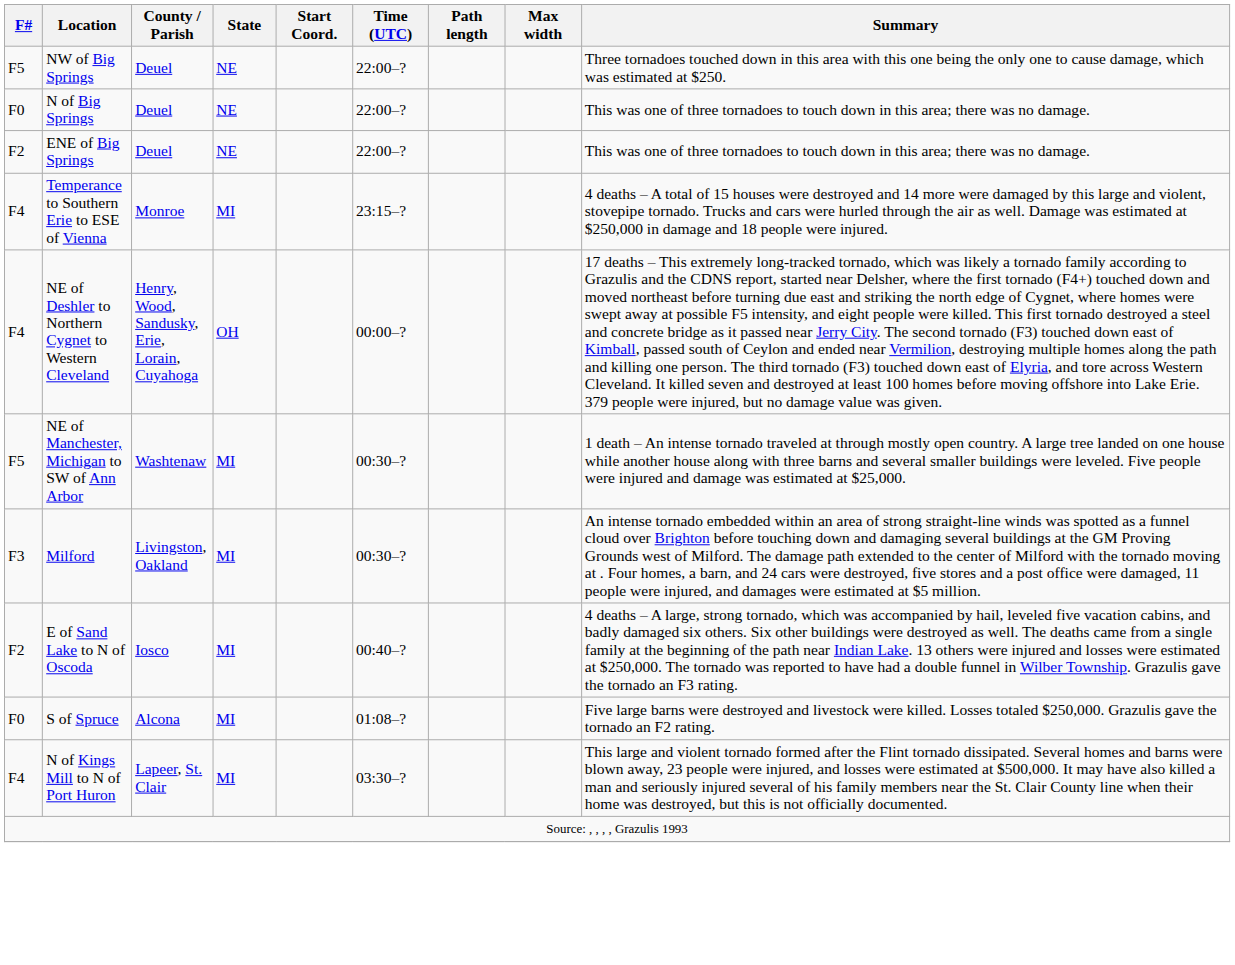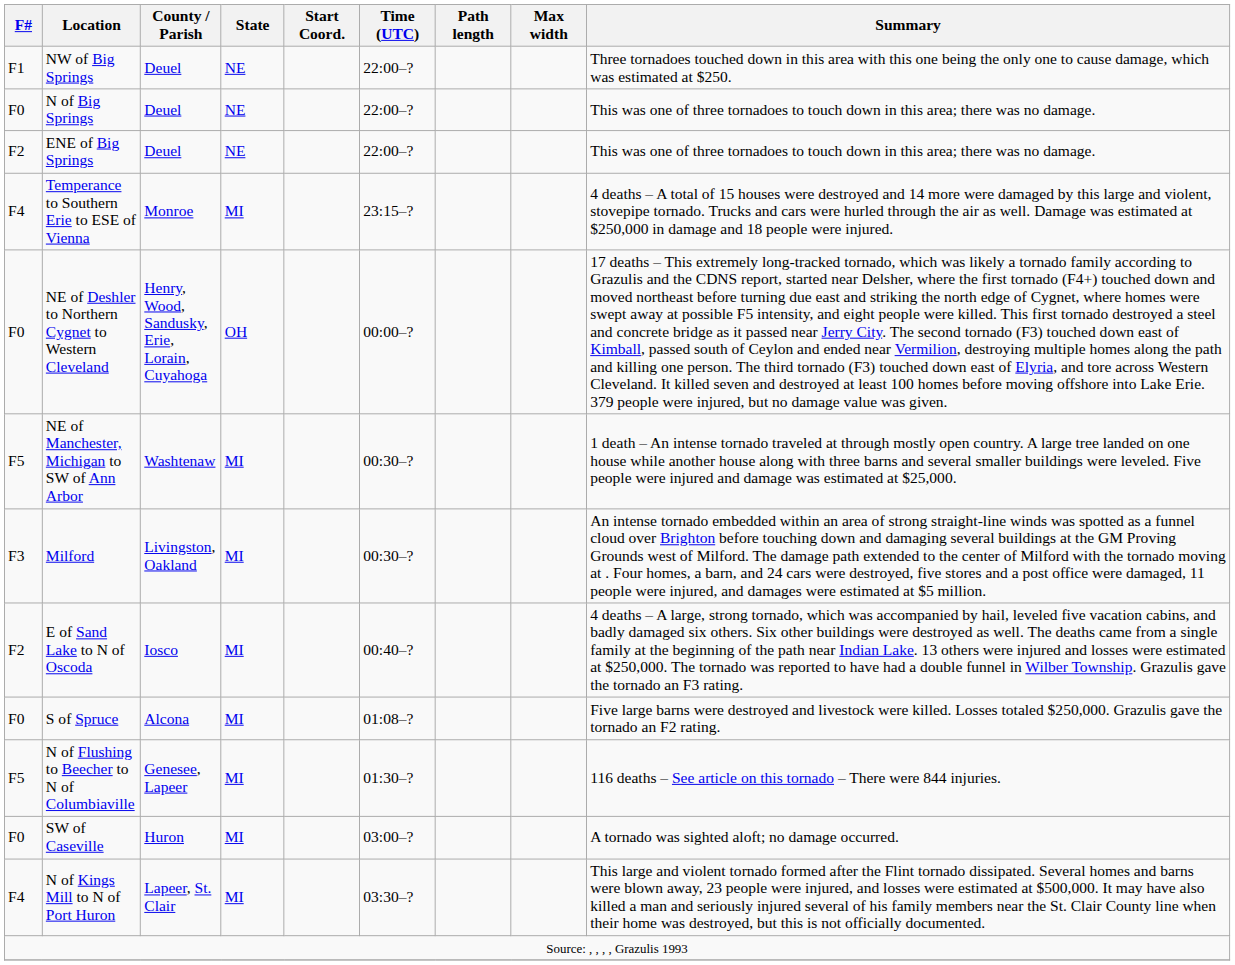 <table class="wikitable sortable" style="width:100%;">
 <tr>
 <th scope="col"  style="width:3%; text-align:center;"><a href='#'>F#</a></th>
 <th scope="col"  style="width:7%; text-align:center;" class="unsortable">Location</th>
 <th scope="col"  style="width:6%; text-align:center;" class="unsortable">County / Parish</th>
 <th scope="col"  style="width:5%; text-align:center;">State</th>
 <th scope="col"  style="width:6%; text-align:center;">Start Coord.</th>
 <th scope="col"  style="width:6%; text-align:center;">Time (<a href='#'>UTC</a>)</th>
 <th scope="col"  style="width:6%; text-align:center;">Path length</th>
 <th scope="col"  style="width:6%; text-align:center;">Max width</th>
 <th scope="col" class="unsortable" style="width:51%; text-align:center;">Summary</th>
 </tr>
 <tr>
-<td>F5</td>
+<td>F1</td>
 <td>NW of <a href='#'>Big Springs</a></td>
 <td><a href='#'>Deuel</a></td>
 <td><a href='#'>NE</a></td>
 <td></td>
 <td>22:00–?</td>
 <td></td>
 <td></td>
 <td>Three tornadoes touched down in this area with this one being the only one to cause damage, which was estimated at $250.</td>
 </tr>
 <tr>
 <td>F0</td>
 <td>N of <a href='#'>Big Springs</a></td>
 <td><a href='#'>Deuel</a></td>
 <td><a href='#'>NE</a></td>
 <td></td>
 <td>22:00–?</td>
 <td></td>
 <td></td>
 <td>This was one of three tornadoes to touch down in this area; there was no damage.</td>
 </tr>
 <tr>
 <td>F2</td>
 <td>ENE of <a href='#'>Big Springs</a></td>
 <td><a href='#'>Deuel</a></td>
 <td><a href='#'>NE</a></td>
 <td></td>
 <td>22:00–?</td>
 <td></td>
 <td></td>
 <td>This was one of three tornadoes to touch down in this area; there was no damage.</td>
 </tr>
 <tr>
 <td>F4</td>
 <td><a href='#'>Temperance</a> to Southern <a href='#'>Erie</a> to ESE of <a href='#'>Vienna</a></td>
 <td><a href='#'>Monroe</a></td>
 <td><a href='#'>MI</a></td>
 <td></td>
 <td>23:15–?</td>
 <td></td>
 <td></td>
 <td>4 deaths – A total of 15 houses were destroyed and 14 more were damaged by this large and violent, stovepipe tornado. Trucks and cars were hurled through the air as well. Damage was estimated at $250,000 in damage and 18 people were injured.</td>
 </tr>
 <tr>
-<td>F4</td>
+<td>F0</td>
 <td>NE of <a href='#'>Deshler</a> to Northern <a href='#'>Cygnet</a> to Western <a href='#'>Cleveland</a></td>
 <td><a href='#'>Henry</a>, <a href='#'>Wood</a>, <a href='#'>Sandusky</a>, <a href='#'>Erie</a>, <a href='#'>Lorain</a>, <a href='#'>Cuyahoga</a></td>
 <td><a href='#'>OH</a></td>
 <td></td>
 <td>00:00–?</td>
 <td></td>
 <td></td>
 <td>17 deaths – This extremely long-tracked tornado, which was likely a tornado family according to Grazulis and the CDNS report, started near Delsher, where the first tornado (F4+) touched down and moved northeast before turning due east and striking the north edge of Cygnet, where homes were swept away at possible F5 intensity, and eight people were killed. This first tornado destroyed a steel and concrete bridge as it passed near <a href='#'>Jerry City</a>. The second tornado (F3) touched down east of <a href='#'>Kimball</a>, passed south of Ceylon and ended near <a href='#'>Vermilion</a>, destroying multiple homes along the path and killing one person. The third tornado (F3) touched down east of <a href='#'>Elyria</a>, and tore across Western Cleveland. It killed seven and destroyed at least 100 homes before moving offshore into Lake Erie. 379 people were injured, but no damage value was given.</td>
 </tr>
 <tr>
 <td>F5</td>
 <td>NE of <a href='#'>Manchester, Michigan</a> to SW of <a href='#'>Ann Arbor</a></td>
 <td><a href='#'>Washtenaw</a></td>
 <td><a href='#'>MI</a></td>
 <td></td>
 <td>00:30–?</td>
 <td></td>
 <td></td>
 <td>1 death – An intense tornado traveled at  through mostly open country. A large tree landed on one house while another house along with three barns and several smaller buildings were leveled. Five people were injured and damage was estimated at $25,000.</td>
 </tr>
 <tr>
 <td>F3</td>
 <td><a href='#'>Milford</a></td>
 <td><a href='#'>Livingston</a>, <a href='#'>Oakland</a></td>
 <td><a href='#'>MI</a></td>
 <td></td>
 <td>00:30–?</td>
 <td></td>
 <td></td>
 <td>An intense tornado embedded within an area of strong straight-line winds was spotted as a funnel cloud over <a href='#'>Brighton</a> before touching down and damaging several buildings at the GM Proving Grounds  west of Milford. The damage path extended to the center of Milford with the tornado moving at . Four homes, a barn, and 24 cars were destroyed, five stores and a post office were damaged, 11 people were injured, and damages were estimated at $5 million.</td>
 </tr>
 <tr>
 <td>F2</td>
 <td>E of <a href='#'>Sand Lake</a> to N of <a href='#'>Oscoda</a></td>
 <td><a href='#'>Iosco</a></td>
 <td><a href='#'>MI</a></td>
 <td></td>
 <td>00:40–?</td>
 <td></td>
 <td></td>
 <td>4 deaths – A large, strong tornado, which was accompanied by  hail, leveled five vacation cabins, and badly damaged six others. Six other buildings were destroyed as well. The deaths came from a single family at the beginning of the path near <a href='#'>Indian Lake</a>. 13 others were injured and losses were estimated at $250,000. The tornado was reported to have had a double funnel in <a href='#'>Wilber Township</a>. Grazulis gave the tornado an F3 rating.</td>
 </tr>
 <tr>
 <td>F0</td>
 <td>S of <a href='#'>Spruce</a></td>
 <td><a href='#'>Alcona</a></td>
 <td><a href='#'>MI</a></td>
 <td></td>
 <td>01:08–?</td>
 <td></td>
 <td></td>
 <td>Five large barns were destroyed and livestock were killed. Losses totaled $250,000. Grazulis gave the tornado an F2 rating.</td>
 </tr>
 <tr>
+<td>F5</td>
+<td>N of <a href='#'>Flushing</a> to <a href='#'>Beecher</a> to N of <a href='#'>Columbiaville</a></td>
+<td><a href='#'>Genesee</a>, <a href='#'>Lapeer</a></td>
+<td><a href='#'>MI</a></td>
+<td></td>
+<td>01:30–?</td>
+<td></td>
+<td></td>
+<td>116 deaths – <a href='#'>See article on this tornado</a> – There were 844 injuries.</td>
+</tr>
+<tr>
+<td>F0</td>
+<td>SW of <a href='#'>Caseville</a></td>
+<td><a href='#'>Huron</a></td>
+<td><a href='#'>MI</a></td>
+<td></td>
+<td>03:00–?</td>
+<td></td>
+<td></td>
+<td>A tornado was sighted aloft; no damage occurred.</td>
+</tr>
+<tr>
 <td>F4</td>
 <td>N of <a href='#'>Kings Mill</a> to N of <a href='#'>Port Huron</a></td>
 <td><a href='#'>Lapeer</a>, <a href='#'>St. Clair</a></td>
 <td><a href='#'>MI</a></td>
 <td></td>
 <td>03:30–?</td>
 <td></td>
 <td></td>
 <td>This large and violent tornado formed after the Flint tornado dissipated. Several homes and barns were blown away, 23 people were injured, and losses were estimated at $500,000. It may have also killed a man and seriously injured several of his family members near the St. Clair County line when their home was destroyed, but this is not officially documented.</td>
 </tr>
 <tr>
 <td colspan="9" align=center><small>Source: , , , , Grazulis 1993</small></td>
 </tr>
 <tr>
 </tr>
 </table>
